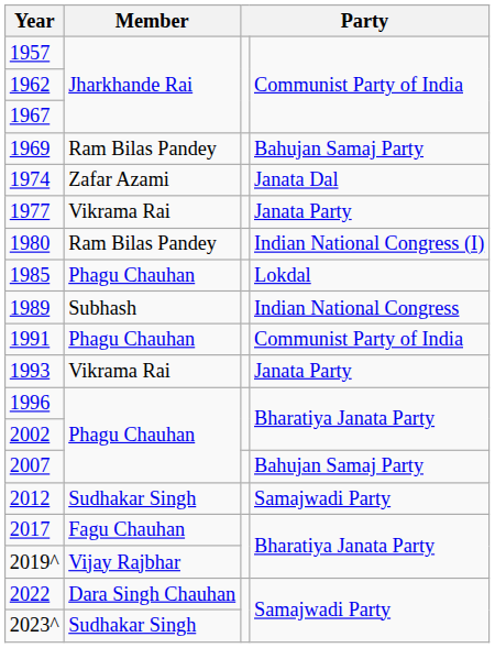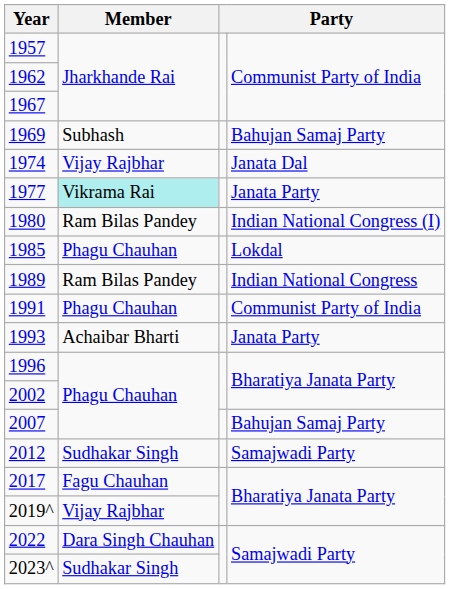 <table class="wikitable">
 <tr>
 <th>Year</th>
 <th>Member</th>
 <th colspan="2">Party</th>
 </tr>
 <tr>
 <td><a href='#'>1957</a></td>
 <td rowspan="3"><a href='#'>Jharkhande Rai</a></td>
 <td rowspan="3" style="background-color: "></td>
 <td rowspan="3"><a href='#'>Communist Party of India</a></td>
 </tr>
 <tr>
 <td><a href='#'>1962</a></td>
 </tr>
 <tr>
 <td><a href='#'>1967</a></td>
 </tr>
 <tr>
 <td><a href='#'>1969</a></td>
-<td>Ram Bilas Pandey</td>
+<td>Subhash</td>
 <td style="background-color: "></td>
 <td><a href='#'>Bahujan Samaj Party</a></td>
 </tr>
 <tr>
 <td><a href='#'>1974</a></td>
-<td>Zafar Azami</td>
+<td><a href='#'>Vijay Rajbhar</a></td>
 <td style="background-color: "></td>
 <td><a href='#'>Janata Dal</a></td>
 </tr>
 <tr>
 <td><a href='#'>1977</a></td>
-<td>Vikrama Rai</td>
+<td style="background: paleturquoise;">Vikrama Rai</td>
 <td style="background-color: "></td>
 <td><a href='#'>Janata Party</a></td>
 </tr>
 <tr>
 <td><a href='#'>1980</a></td>
 <td>Ram Bilas Pandey</td>
 <td style="background-color: "></td>
 <td><a href='#'>Indian National Congress (I)</a></td>
 </tr>
 <tr>
 <td><a href='#'>1985</a></td>
 <td><a href='#'>Phagu Chauhan</a></td>
 <td style="background-color: "></td>
 <td><a href='#'>Lokdal</a></td>
 </tr>
 <tr>
 <td><a href='#'>1989</a></td>
-<td>Subhash</td>
+<td>Ram Bilas Pandey</td>
 <td style="background-color: "></td>
 <td><a href='#'>Indian National Congress</a></td>
 </tr>
 <tr>
 <td><a href='#'>1991</a></td>
 <td><a href='#'>Phagu Chauhan</a></td>
 <td style="background-color: "></td>
 <td><a href='#'>Communist Party of India</a></td>
 </tr>
 <tr>
 <td><a href='#'>1993</a></td>
-<td>Vikrama Rai</td>
+<td>Achaibar Bharti</td>
 <td style="background-color: "></td>
 <td><a href='#'>Janata Party</a></td>
 </tr>
 <tr>
 <td><a href='#'>1996</a></td>
 <td rowspan="3"><a href='#'>Phagu Chauhan</a></td>
 <td rowspan="2" style="background-color: "></td>
 <td rowspan="2"><a href='#'>Bharatiya Janata Party</a></td>
 </tr>
 <tr>
 <td><a href='#'>2002</a></td>
 </tr>
 <tr>
 <td><a href='#'>2007</a></td>
 <td style="background-color: "></td>
 <td><a href='#'>Bahujan Samaj Party</a></td>
 </tr>
 <tr>
 <td><a href='#'>2012</a></td>
 <td><a href='#'>Sudhakar Singh</a></td>
 <td style="background-color: "></td>
 <td><a href='#'>Samajwadi Party</a></td>
 </tr>
 <tr>
 <td><a href='#'>2017</a></td>
 <td><a href='#'>Fagu Chauhan</a></td>
 <td rowspan="2" style="background-color: "></td>
 <td rowspan="2"><a href='#'>Bharatiya Janata Party</a></td>
 </tr>
 <tr>
 <td>2019^</td>
 <td><a href='#'>Vijay Rajbhar</a></td>
 </tr>
 <tr>
 <td><a href='#'>2022</a></td>
 <td><a href='#'>Dara Singh Chauhan</a></td>
 <td rowspan="2" style="background-color: "></td>
 <td rowspan="2"><a href='#'>Samajwadi Party</a></td>
 </tr>
 <tr>
 <td>2023^</td>
 <td><a href='#'>Sudhakar Singh</a></td>
 </tr>
 </table>
